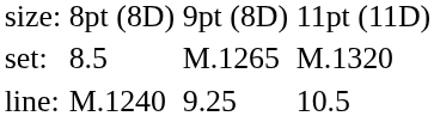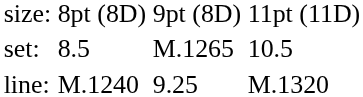 <table style="margin-left:40px;">
 <tr>
 <td>size:</td>
 <td>8pt (8D)</td>
 <td>9pt (8D)</td>
 <td>11pt (11D)</td>
 </tr>
 <tr>
 <td>set:</td>
 <td>8.5</td>
 <td>M.1265</td>
-<td>M.1320</td>
+<td>10.5</td>
 </tr>
 <tr>
 <td>line:</td>
 <td>M.1240</td>
 <td>9.25</td>
-<td>10.5</td>
+<td>M.1320</td>
 </tr>
 </table>
